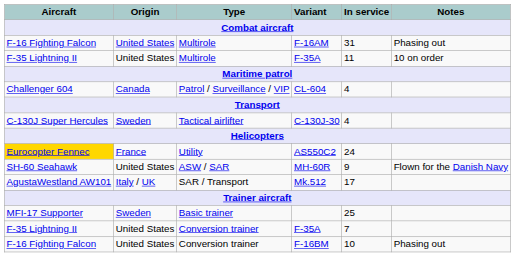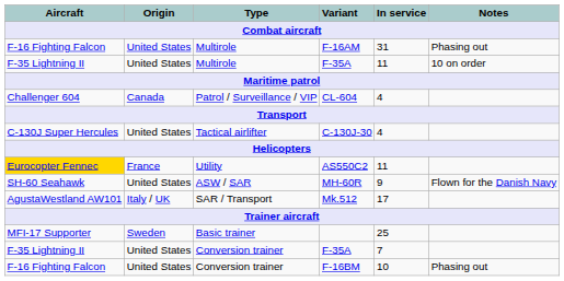 <table class="wikitable">
 <tr>
 <th style="text-align:center; background:#acc;">Aircraft</th>
 <th style="text-align: center; background:#acc;">Origin</th>
 <th style="text-align:l center; background:#acc;">Type</th>
 <th style="text-align:left; background:#acc;">Variant</th>
 <th style="text-align:center; background:#acc;">In service</th>
 <th style="text-align: center; background:#acc;">Notes</th>
 </tr>
 <tr>
 <th colspan="6" style="align: center; background: lavender;"><a href='#'>Combat aircraft</a></th>
 </tr>
 <tr>
 <td><a href='#'>F-16 Fighting Falcon</a></td>
 <td><a href='#'>United States</a></td>
 <td><a href='#'>Multirole</a></td>
 <td><a href='#'>F-16AM</a></td>
 <td>31</td>
 <td>Phasing out</td>
 </tr>
 <tr>
 <td><a href='#'>F-35 Lightning II</a></td>
 <td>United States</td>
 <td><a href='#'>Multirole</a></td>
 <td><a href='#'>F-35A</a></td>
 <td>11<br></td>
 <td>10 on order</td>
 </tr>
 <tr>
 <th style="align: center; background: lavender;" colspan="6"><a href='#'>Maritime patrol</a></th>
 </tr>
 <tr>
 <td><a href='#'>Challenger 604</a></td>
 <td><a href='#'>Canada</a></td>
 <td><a href='#'>Patrol</a> / <a href='#'>Surveillance</a> / <a href='#'>VIP</a></td>
 <td><a href='#'>CL-604</a></td>
 <td>4</td>
 <td></td>
 </tr>
 <tr>
 <th style="align: center; background: lavender;" colspan="6"><a href='#'>Transport</a></th>
 </tr>
 <tr>
 <td><a href='#'>C-130J Super Hercules</a></td>
-<td><a href='#'>Sweden</a></td>
+<td>United States</td>
 <td><a href='#'>Tactical airlifter</a></td>
 <td><a href='#'>C-130J-30</a></td>
 <td>4</td>
 <td></td>
 </tr>
 <tr>
 <th colspan="6" style="align: center; background: lavender;"><a href='#'>Helicopters</a></th>
 </tr>
 <tr>
 <td style="background: gold;"><a href='#'>Eurocopter Fennec</a></td>
 <td><a href='#'>France</a></td>
 <td><a href='#'>Utility</a></td>
 <td><a href='#'>AS550C2</a></td>
-<td>24</td>
+<td>11</td>
 <td></td>
 </tr>
 <tr>
 <td><a href='#'>SH-60 Seahawk</a></td>
 <td>United States</td>
 <td><a href='#'>ASW</a> / <a href='#'>SAR</a></td>
 <td><a href='#'>MH-60R</a></td>
 <td>9</td>
 <td>Flown for the <a href='#'>Danish Navy</a></td>
 </tr>
 <tr>
 <td><a href='#'>AgustaWestland AW101</a></td>
 <td><a href='#'>Italy</a> / <a href='#'>UK</a></td>
 <td>SAR / Transport</td>
 <td><a href='#'>Mk.512</a></td>
 <td>17</td>
 <td></td>
 </tr>
 <tr>
 <th colspan="6" style="align: center; background: lavender;"><a href='#'>Trainer aircraft</a></th>
 </tr>
 <tr>
 <td><a href='#'>MFI-17 Supporter</a></td>
 <td><a href='#'>Sweden</a></td>
 <td><a href='#'>Basic trainer</a></td>
 <td></td>
 <td>25</td>
 <td></td>
 </tr>
 <tr>
 <td><a href='#'>F-35 Lightning II</a></td>
 <td>United States</td>
 <td><a href='#'>Conversion trainer</a></td>
 <td><a href='#'>F-35A</a></td>
 <td>7</td>
 <td></td>
 </tr>
 <tr>
 <td><a href='#'>F-16 Fighting Falcon</a></td>
 <td>United States</td>
 <td>Conversion trainer</td>
 <td><a href='#'>F-16BM</a></td>
 <td>10</td>
 <td>Phasing out</td>
 </tr>
 </table>
